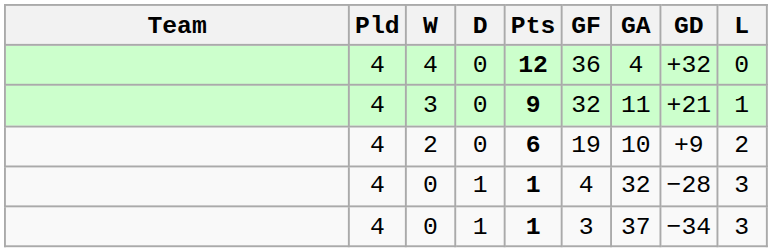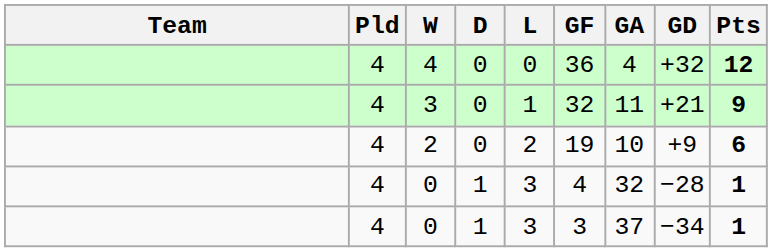 <table class="wikitable" style="text-align: center;">
 <tr>
 <th width="175">Team</th>
 <th width="20">Pld</th>
 <th width="20">W</th>
 <th width="20">D</th>
-<th width="20">Pts</th>
+<th width="20">L</th>
 <th width="20">GF</th>
 <th width="20">GA</th>
 <th width="20">GD</th>
-<th width="20">L</th>
+<th width="20">Pts</th>
 </tr>
 <tr bgcolor="#ccffcc">
 <td align=left></td>
 <td>4</td>
 <td>4</td>
 <td>0</td>
-<td><strong>12</strong></td>
+<td>0</td>
 <td>36</td>
 <td>4</td>
 <td>+32</td>
-<td>0</td>
+<td><strong>12</strong></td>
 </tr>
 <tr bgcolor="#ccffcc">
 <td align=left></td>
 <td>4</td>
 <td>3</td>
 <td>0</td>
-<td><strong>9</strong></td>
+<td>1</td>
 <td>32</td>
 <td>11</td>
 <td>+21</td>
-<td>1</td>
+<td><strong>9</strong></td>
 </tr>
 <tr>
 <td align=left></td>
 <td>4</td>
 <td>2</td>
 <td>0</td>
-<td><strong>6</strong></td>
+<td>2</td>
 <td>19</td>
 <td>10</td>
 <td>+9</td>
-<td>2</td>
+<td><strong>6</strong></td>
 </tr>
 <tr>
 <td align=left></td>
 <td>4</td>
 <td>0</td>
 <td>1</td>
-<td><strong>1</strong></td>
+<td>3</td>
 <td>4</td>
 <td>32</td>
 <td>−28</td>
-<td>3</td>
+<td><strong>1</strong></td>
 </tr>
 <tr>
 <td align=left></td>
 <td>4</td>
 <td>0</td>
 <td>1</td>
-<td><strong>1</strong></td>
+<td>3</td>
 <td>3</td>
 <td>37</td>
 <td>−34</td>
-<td>3</td>
+<td><strong>1</strong></td>
 </tr>
 </table>
